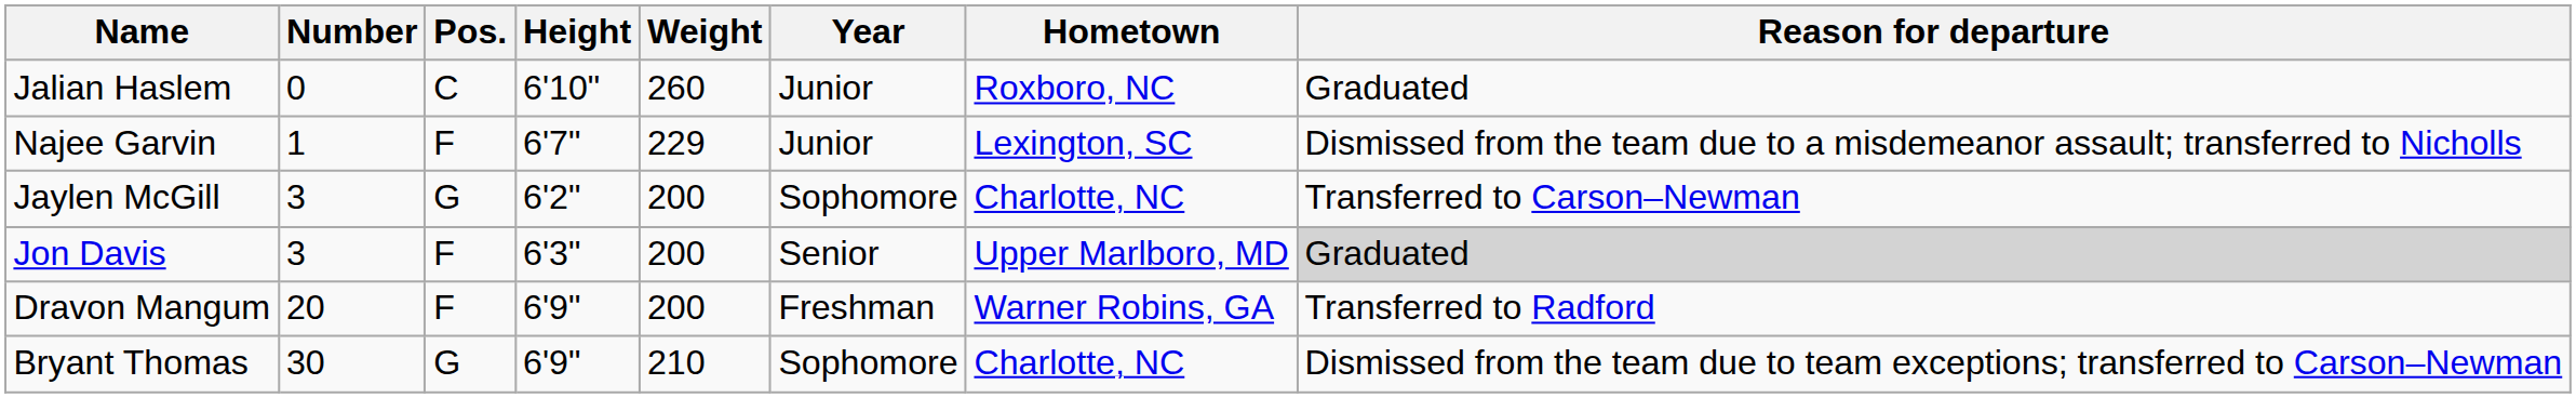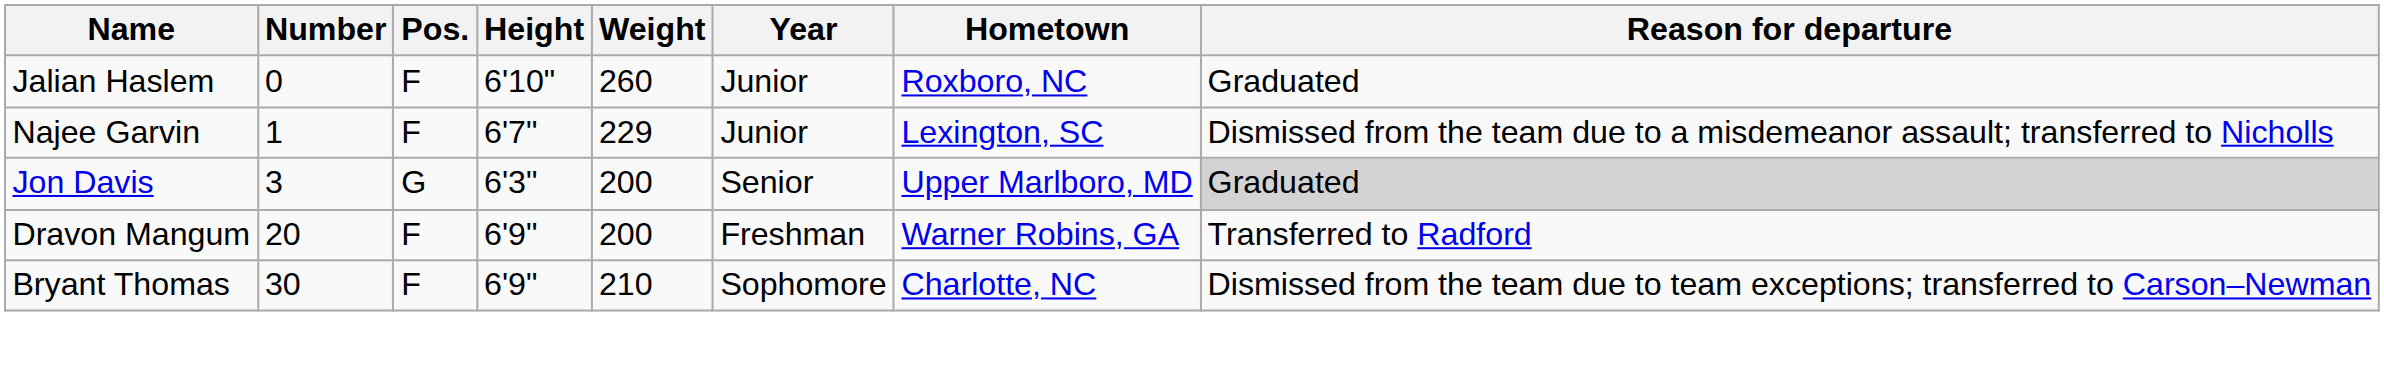 <table class="wikitable sortable" border="1">
 <tr>
 <th>Name</th>
 <th>Number</th>
 <th>Pos.</th>
 <th>Height</th>
 <th>Weight</th>
 <th>Year</th>
 <th>Hometown</th>
 <th>Reason for departure</th>
 </tr>
 <tr>
 <td>Jalian Haslem</td>
 <td>0</td>
-<td>C</td>
+<td>F</td>
 <td>6'10"</td>
 <td>260</td>
 <td>Junior</td>
 <td><a href='#'>Roxboro, NC</a></td>
 <td>Graduated</td>
 </tr>
 <tr>
 <td>Najee Garvin</td>
 <td>1</td>
 <td>F</td>
 <td>6'7"</td>
 <td>229</td>
 <td>Junior</td>
 <td><a href='#'>Lexington, SC</a></td>
 <td>Dismissed from the team due to a misdemeanor assault; transferred to <a href='#'>Nicholls</a></td>
 </tr>
 <tr>
-<td>Jaylen McGill</td>
+<td><a href='#'>Jon Davis</a></td>
 <td>3</td>
 <td>G</td>
-<td>6'2"</td>
-<td>200</td>
-<td>Sophomore</td>
-<td><a href='#'>Charlotte, NC</a></td>
-<td>Transferred to <a href='#'>Carson–Newman</a></td>
-</tr>
-<tr>
-<td><a href='#'>Jon Davis</a></td>
-<td>3</td>
-<td>F</td>
 <td>6'3"</td>
 <td>200</td>
 <td>Senior</td>
 <td><a href='#'>Upper Marlboro, MD</a></td>
 <td style="background: lightgrey;">Graduated</td>
 </tr>
 <tr>
 <td>Dravon Mangum</td>
 <td>20</td>
 <td>F</td>
 <td>6'9"</td>
 <td>200</td>
 <td>Freshman</td>
 <td><a href='#'>Warner Robins, GA</a></td>
 <td>Transferred to <a href='#'>Radford</a></td>
 </tr>
 <tr>
 <td>Bryant Thomas</td>
 <td>30</td>
-<td>G</td>
+<td>F</td>
 <td>6'9"</td>
 <td>210</td>
 <td>Sophomore</td>
 <td><a href='#'>Charlotte, NC</a></td>
 <td>Dismissed from the team due to team exceptions; transferred to <a href='#'>Carson–Newman</a></td>
 </tr>
 </table>
